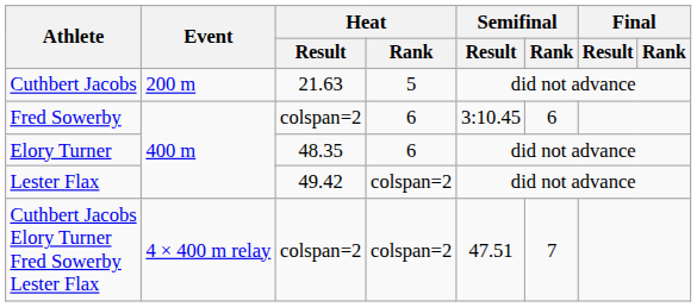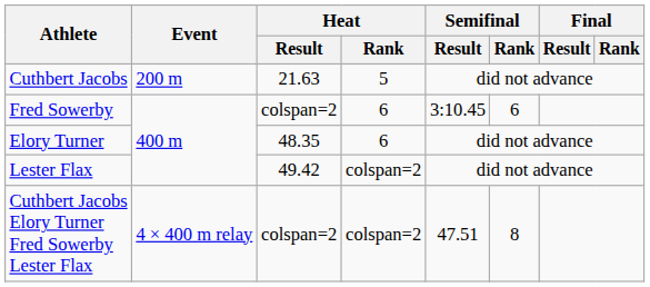 <table class=wikitable style="font-size:90%">
 <tr>
 <th rowspan="2">Athlete</th>
 <th rowspan="2">Event</th>
 <th colspan="2">Heat</th>
 <th colspan="2">Semifinal</th>
 <th colspan="2">Final</th>
 </tr>
 <tr style="font-size:95%">
 <th>Result</th>
 <th>Rank</th>
 <th>Result</th>
 <th>Rank</th>
 <th>Result</th>
 <th>Rank</th>
 </tr>
 <tr align=center>
 <td align=left><a href='#'>Cuthbert Jacobs</a></td>
 <td style="text-align:left;"><a href='#'>200 m</a></td>
 <td>21.63</td>
 <td>5</td>
 <td colspan=4>did not advance</td>
 </tr>
 <tr align=center>
 <td align=left><a href='#'>Fred Sowerby</a></td>
 <td style="text-align:left;" rowspan="3"><a href='#'>400 m</a></td>
 <td>colspan=2 </td>
 <td>6</td>
 <td>3:10.45</td>
 <td>6</td>
 </tr>
 <tr align=center>
 <td align=left><a href='#'>Elory Turner</a></td>
 <td>48.35</td>
 <td>6</td>
 <td colspan=4>did not advance</td>
 </tr>
 <tr align=center>
 <td align=left><a href='#'>Lester Flax</a></td>
 <td>49.42</td>
 <td>colspan=2 </td>
 <td colspan=4>did not advance</td>
 </tr>
 <tr align=center>
 <td align=left><a href='#'>Cuthbert Jacobs</a><br><a href='#'>Elory Turner</a><br><a href='#'>Fred Sowerby</a><br><a href='#'>Lester Flax</a></td>
 <td style="text-align:left;" rowspan="3"><a href='#'>4 × 400 m relay</a></td>
 <td>colspan=2 </td>
 <td>colspan=2 </td>
 <td>47.51</td>
-<td>7</td>
+<td>8</td>
 </tr>
 </table>
